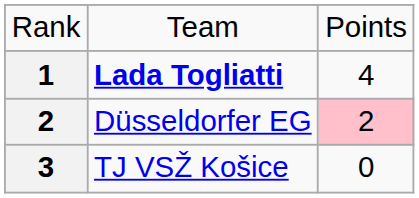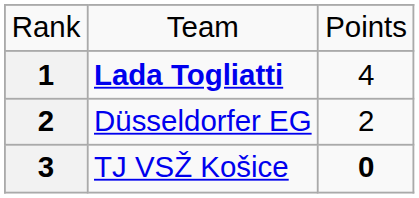 <table class="wikitable" style="text-align: center;">
 <tr>
 <td>Rank</td>
 <td>Team</td>
 <td>Points</td>
 </tr>
 <tr>
 <th>1</th>
 <td style="text-align: left;"> <strong><a href='#'>Lada Togliatti</a></strong></td>
 <td>4</td>
 </tr>
 <tr>
 <th>2</th>
 <td style="text-align: left;"> <a href='#'>Düsseldorfer EG</a></td>
-<td style="background: pink;">2</td>
+<td>2</td>
 </tr>
 <tr>
 <th>3</th>
 <td style="text-align: left;"> <a href='#'>TJ VSŽ Košice</a></td>
-<td>0</td>
+<td><strong>0</strong></td>
 </tr>
 </table>
